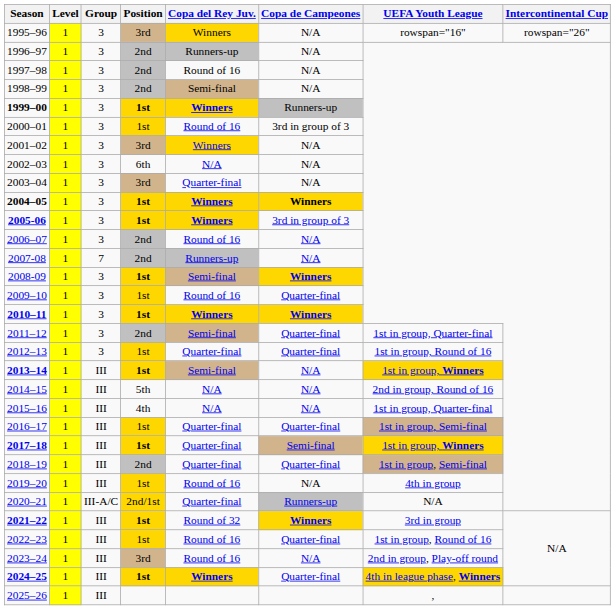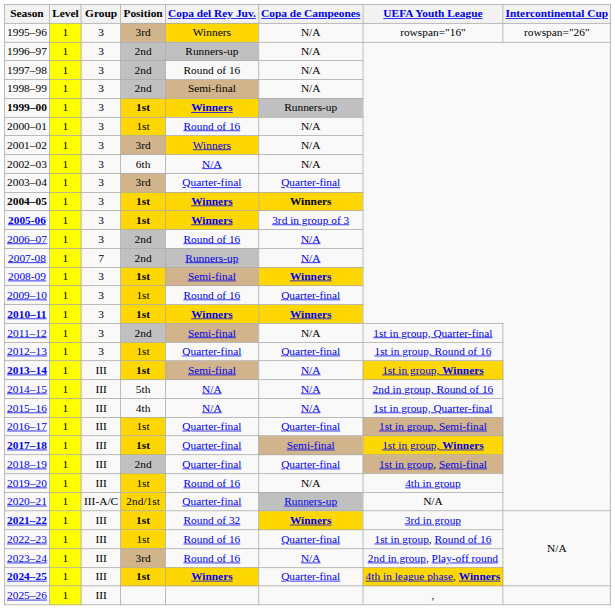 <table class="wikitable" style="text-align:center; font-size:90%">
 <tr>
 <th>Season</th>
 <th>Level</th>
 <th>Group</th>
 <th>Position</th>
 <th><a href='#'>Copa del Rey Juv.</a></th>
 <th><a href='#'>Copa de Campeones</a></th>
 <th><a href='#'>UEFA Youth League</a></th>
 <th><a href='#'>Intercontinental Cup</a></th>
 </tr>
 <tr>
 <td>1995–96</td>
 <td bgcolor=#FFFF00>1</td>
 <td>3</td>
 <td bgcolor=#D2B48C>3rd</td>
 <td bgcolor=gold>Winners</td>
 <td>N/A</td>
 <td>rowspan="16" </td>
 <td>rowspan="26" </td>
 </tr>
 <tr>
 <td>1996–97</td>
 <td bgcolor=#FFFF00>1</td>
 <td>3</td>
 <td bgcolor=silver>2nd</td>
 <td bgcolor=silver>Runners-up</td>
 <td>N/A</td>
 </tr>
 <tr>
 <td>1997–98</td>
 <td bgcolor=#FFFF00>1</td>
 <td>3</td>
 <td bgcolor=silver>2nd</td>
 <td>Round of 16</td>
 <td>N/A</td>
 </tr>
 <tr>
 <td>1998–99</td>
 <td bgcolor=#FFFF00>1</td>
 <td>3</td>
 <td bgcolor=silver>2nd</td>
 <td bgcolor=#D2B48C>Semi-final</td>
 <td>N/A</td>
 </tr>
 <tr>
 <td><strong>1999–00</strong></td>
 <td bgcolor=#FFFF00>1</td>
 <td>3</td>
 <td bgcolor=gold><strong>1st</strong></td>
 <td bgcolor=gold><a href='#'><strong>Winners</strong></a></td>
 <td bgcolor=silver>Runners-up</td>
 </tr>
 <tr>
 <td>2000–01</td>
 <td bgcolor=#FFFF00>1</td>
 <td>3</td>
 <td bgcolor=gold>1st</td>
 <td><a href='#'>Round of 16</a></td>
-<td>3rd in group of 3</td>
+<td>N/A</td>
 </tr>
 <tr>
 <td>2001–02</td>
 <td bgcolor=#FFFF00>1</td>
 <td>3</td>
 <td bgcolor=#D2B48C>3rd</td>
 <td bgcolor=gold><a href='#'>Winners</a></td>
 <td>N/A</td>
 </tr>
 <tr>
 <td>2002–03</td>
 <td bgcolor=#FFFF00>1</td>
 <td>3</td>
 <td>6th</td>
 <td><a href='#'>N/A</a></td>
 <td>N/A</td>
 </tr>
 <tr>
 <td>2003–04</td>
 <td bgcolor=#FFFF00>1</td>
 <td>3</td>
 <td bgcolor=#D2B48C>3rd</td>
 <td><a href='#'>Quarter-final</a></td>
-<td>N/A</td>
+<td><a href='#'>Quarter-final</a></td>
 </tr>
 <tr>
 <td><strong>2004–05</strong></td>
 <td bgcolor=#FFFF00>1</td>
 <td>3</td>
 <td bgcolor=gold><strong>1st</strong></td>
 <td bgcolor=gold><a href='#'><strong>Winners</strong></a></td>
 <td bgcolor=gold><strong>Winners</strong></td>
 </tr>
 <tr>
 <td><strong><a href='#'>2005-06</a></strong></td>
 <td bgcolor=#FFFF00>1</td>
 <td>3</td>
 <td bgcolor=gold><strong>1st</strong></td>
 <td bgcolor=gold><a href='#'><strong>Winners</strong></a></td>
 <td><a href='#'>3rd in group of 3</a></td>
 </tr>
 <tr>
 <td><a href='#'>2006–07</a></td>
 <td bgcolor=#FFFF00>1</td>
 <td>3</td>
 <td bgcolor=silver>2nd</td>
 <td><a href='#'>Round of 16</a></td>
 <td><a href='#'>N/A</a></td>
 </tr>
 <tr>
 <td><a href='#'>2007-08</a></td>
 <td bgcolor=#FFFF00>1</td>
 <td>7</td>
 <td bgcolor=silver>2nd</td>
 <td bgcolor=silver><a href='#'>Runners-up</a></td>
 <td><a href='#'>N/A</a></td>
 </tr>
 <tr>
 <td><a href='#'>2008-09</a></td>
 <td bgcolor=#FFFF00>1</td>
 <td>3</td>
 <td bgcolor=gold><strong>1st</strong></td>
 <td bgcolor=#D2B48C><a href='#'>Semi-final</a></td>
 <td bgcolor=gold><a href='#'><strong>Winners</strong></a></td>
 </tr>
 <tr>
 <td><a href='#'>2009–10</a></td>
 <td bgcolor=#FFFF00>1</td>
 <td>3</td>
 <td bgcolor=gold>1st</td>
 <td><a href='#'>Round of 16</a></td>
 <td><a href='#'>Quarter-final</a></td>
 </tr>
 <tr>
 <td><strong><a href='#'>2010–11</a></strong></td>
 <td bgcolor=#FFFF00>1</td>
 <td>3</td>
 <td bgcolor=gold><strong>1st</strong></td>
 <td bgcolor=gold><a href='#'><strong>Winners</strong></a></td>
 <td bgcolor=gold><a href='#'><strong>Winners</strong></a></td>
 </tr>
 <tr>
 <td><a href='#'>2011–12</a></td>
 <td bgcolor=#FFFF00>1</td>
 <td>3</td>
 <td bgcolor=silver>2nd</td>
 <td bgcolor=#D2B48C><a href='#'>Semi-final</a></td>
-<td><a href='#'>Quarter-final</a></td>
+<td>N/A</td>
 <td><a href='#'>1st in group, Quarter-final</a></td>
 </tr>
 <tr>
 <td><a href='#'>2012–13</a></td>
 <td bgcolor=#FFFF00>1</td>
 <td>3</td>
 <td bgcolor=gold>1st</td>
 <td><a href='#'>Quarter-final</a></td>
 <td><a href='#'>Quarter-final</a></td>
 <td><a href='#'>1st in group, Round of 16</a></td>
 </tr>
 <tr>
 <td><strong><a href='#'>2013–14</a></strong></td>
 <td bgcolor=#FFFF00>1</td>
 <td>III</td>
 <td bgcolor=gold><strong>1st</strong></td>
 <td bgcolor=#D2B48C><a href='#'>Semi-final</a></td>
 <td><a href='#'>N/A</a></td>
 <td bgcolor=gold><a href='#'>1st in group, <strong>Winners</strong></a></td>
 </tr>
 <tr>
 <td><a href='#'>2014–15</a></td>
 <td bgcolor=#FFFF00>1</td>
 <td>III</td>
 <td>5th</td>
 <td><a href='#'>N/A</a></td>
 <td><a href='#'>N/A</a></td>
 <td><a href='#'>2nd in group, Round of 16</a></td>
 </tr>
 <tr>
 <td><a href='#'>2015–16</a></td>
 <td bgcolor=#FFFF00>1</td>
 <td>III</td>
 <td>4th</td>
 <td><a href='#'>N/A</a></td>
 <td><a href='#'>N/A</a></td>
 <td><a href='#'>1st in group, Quarter-final</a></td>
 </tr>
 <tr>
 <td><a href='#'>2016–17</a></td>
 <td bgcolor=#FFFF00>1</td>
 <td>III</td>
 <td bgcolor=gold>1st</td>
 <td><a href='#'>Quarter-final</a></td>
 <td><a href='#'>Quarter-final</a></td>
 <td bgcolor=#D2B48C><a href='#'>1st in group, Semi-final</a></td>
 </tr>
 <tr>
 <td><strong><a href='#'>2017–18</a></strong></td>
 <td bgcolor=#FFFF00>1</td>
 <td>III</td>
 <td bgcolor=gold><strong>1st</strong></td>
 <td><a href='#'>Quarter-final</a></td>
 <td bgcolor=#D2B48C><a href='#'>Semi-final</a></td>
 <td bgcolor=gold><a href='#'>1st in group, <strong>Winners</strong></a></td>
 </tr>
 <tr>
 <td><a href='#'>2018–19</a></td>
 <td bgcolor=#FFFF00>1</td>
 <td>III</td>
 <td bgcolor=silver>2nd</td>
 <td><a href='#'>Quarter-final</a></td>
 <td><a href='#'>Quarter-final</a></td>
 <td bgcolor=#D2B48C><a href='#'>1st in group</a>, <a href='#'>Semi-final</a></td>
 </tr>
 <tr>
 <td><a href='#'>2019–20</a></td>
 <td bgcolor=#FFFF00>1</td>
 <td>III</td>
 <td bgcolor=gold>1st</td>
 <td><a href='#'>Round of 16</a></td>
 <td>N/A</td>
 <td><a href='#'>4th in group</a></td>
 </tr>
 <tr>
 <td><a href='#'>2020–21</a></td>
 <td bgcolor=#FFFF00>1</td>
 <td>III-A/C</td>
 <td bgcolor=gold>2nd/1st</td>
 <td><a href='#'>Quarter-final</a></td>
 <td bgcolor=silver><a href='#'>Runners-up</a></td>
 <td>N/A</td>
 </tr>
 <tr>
 <td><strong><a href='#'>2021–22</a></strong></td>
 <td bgcolor=#FFFF00>1</td>
 <td>III</td>
 <td bgcolor=gold><strong>1st</strong></td>
 <td><a href='#'>Round of 32</a></td>
 <td bgcolor=gold><strong><a href='#'>Winners</a></strong></td>
 <td><a href='#'>3rd in group</a></td>
 <td rowspan="4">N/A</td>
 </tr>
 <tr>
 <td><a href='#'>2022–23</a></td>
 <td bgcolor=#FFFF00>1</td>
 <td>III</td>
 <td bgcolor=gold>1st</td>
 <td><a href='#'>Round of 16</a></td>
 <td><a href='#'>Quarter-final</a></td>
 <td><a href='#'>1st in group</a>, <a href='#'>Round of 16</a></td>
 </tr>
 <tr>
 <td><a href='#'>2023–24</a></td>
 <td bgcolor=#FFFF00>1</td>
 <td>III</td>
 <td bgcolor=#D2B48C>3rd</td>
 <td><a href='#'>Round of 16</a></td>
 <td><a href='#'>N/A</a></td>
 <td><a href='#'>2nd in group</a>, <a href='#'>Play-off round</a></td>
 </tr>
 <tr>
 <td><strong><a href='#'>2024–25</a></strong></td>
 <td bgcolor=#FFFF00>1</td>
 <td>III</td>
 <td bgcolor=gold><strong>1st</strong></td>
 <td bgcolor=gold><a href='#'><strong>Winners</strong></a></td>
 <td><a href='#'>Quarter-final</a></td>
 <td bgcolor=gold><a href='#'>4th in league phase</a>, <a href='#'><strong>Winners</strong></a></td>
 </tr>
 <tr>
 <td><a href='#'>2025–26</a></td>
 <td bgcolor=#FFFF00>1</td>
 <td>III</td>
 <td bgcolor=></td>
 <td bgcolor=><a href='#'></a></td>
 <td><a href='#'></a></td>
 <td bgcolor=><a href='#'></a>, <a href='#'></a></td>
 <td><a href='#'></a></td>
 </tr>
 </table>
